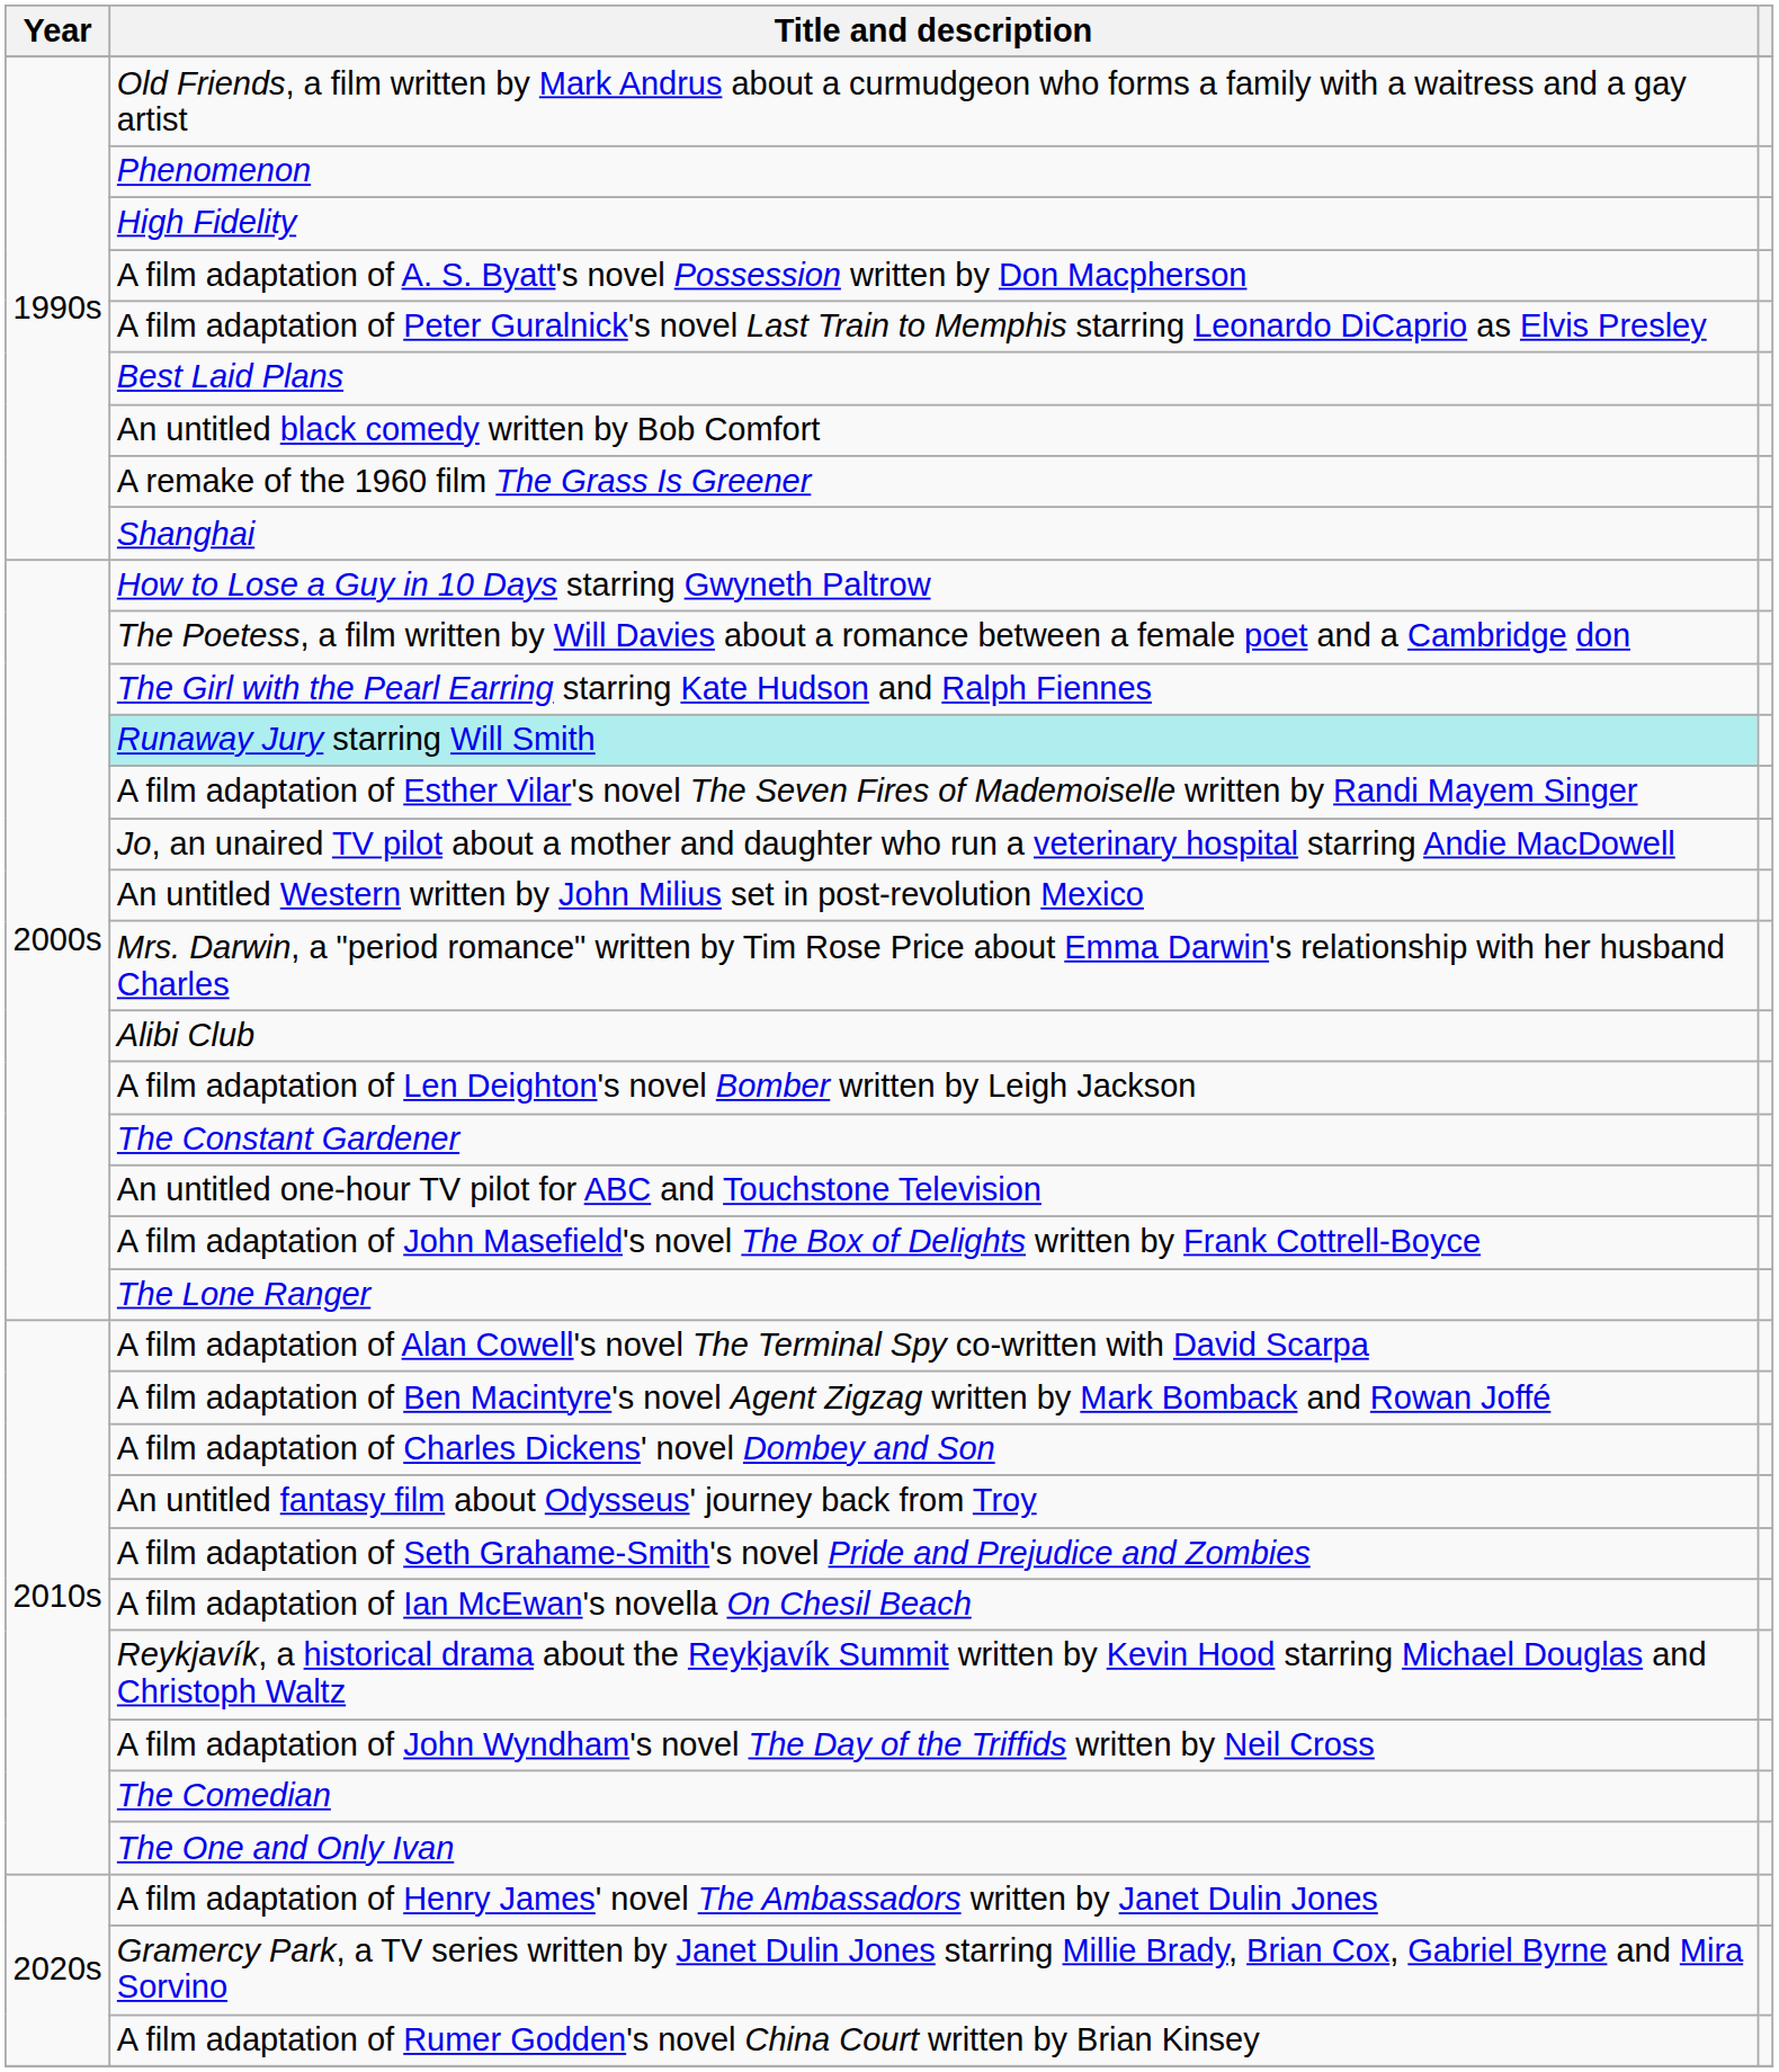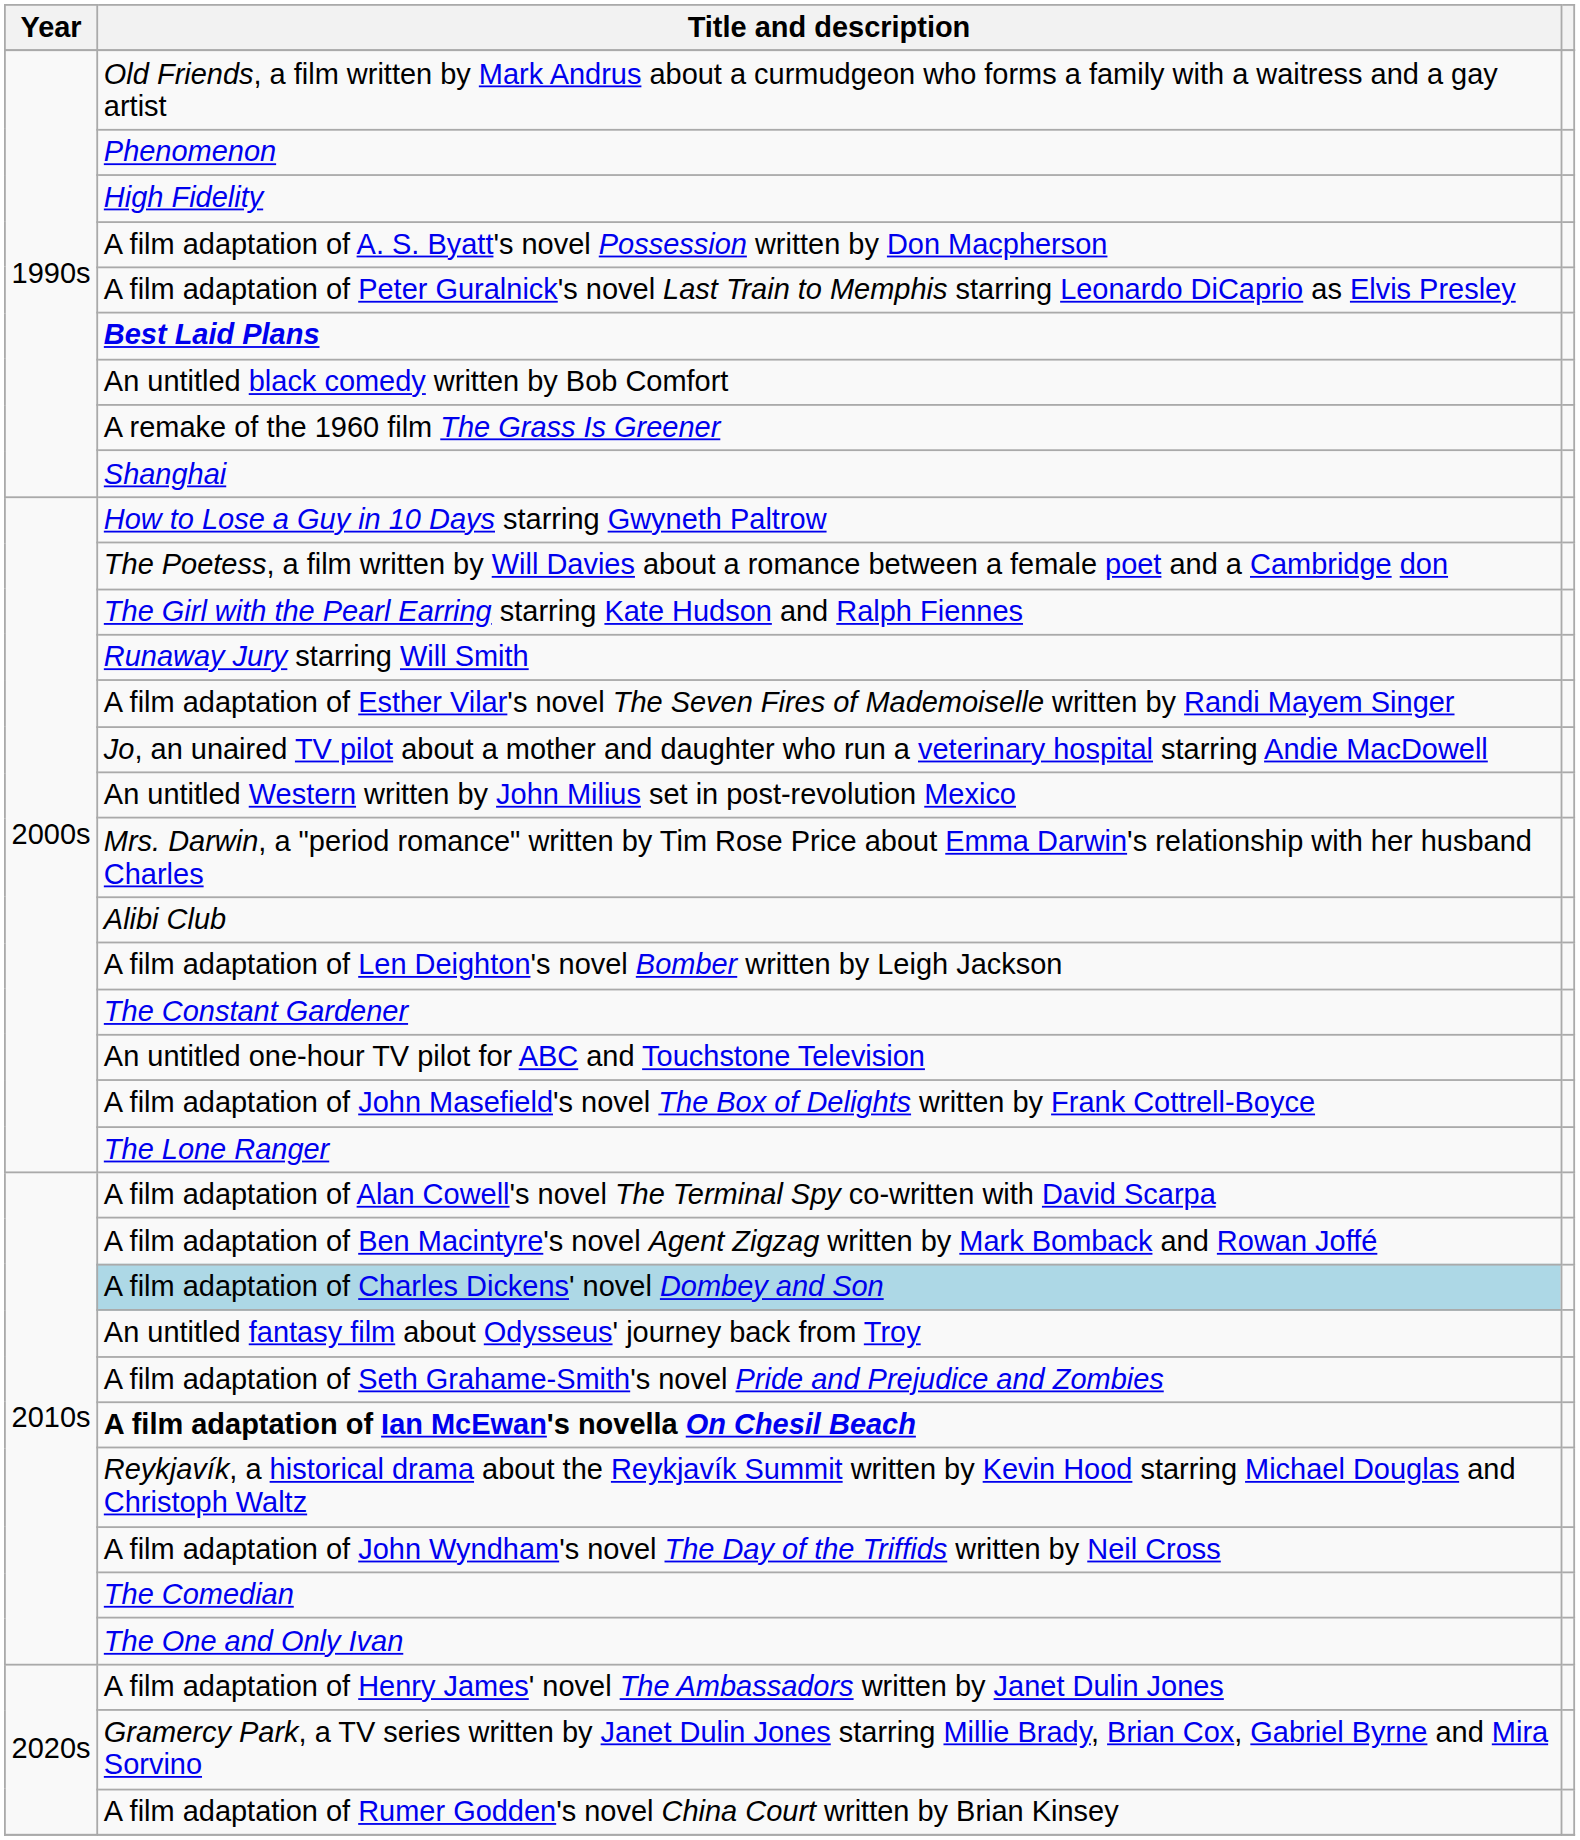 <table class="wikitable plainrowheaders">
 <tr>
 <th scope="col">Year</th>
 <th scope="col">Title and description</th>
 <th scope="col"></th>
 </tr>
 <tr>
 </tr>
 <tr>
 <td rowspan="9">1990s</td>
 <td><em>Old Friends</em>, a film written by <a href='#'>Mark Andrus</a> about a curmudgeon who forms a family with a waitress and a gay artist</td>
 <td></td>
 </tr>
 <tr>
 <td><em><a href='#'>Phenomenon</a></em></td>
 <td></td>
 </tr>
 <tr>
 <td><em><a href='#'>High Fidelity</a></em></td>
 <td></td>
 </tr>
 <tr>
 <td>A film adaptation of <a href='#'>A. S. Byatt</a>'s novel <em><a href='#'>Possession</a></em> written by <a href='#'>Don Macpherson</a></td>
 <td></td>
 </tr>
 <tr>
 <td>A film adaptation of <a href='#'>Peter Guralnick</a>'s novel <em>Last Train to Memphis</em> starring <a href='#'>Leonardo DiCaprio</a> as <a href='#'>Elvis Presley</a></td>
 <td></td>
 </tr>
 <tr>
-<td><em><a href='#'>Best Laid Plans</a></em></td>
+<td><strong><em><a href='#'>Best Laid Plans</a></em></strong></td>
 <td></td>
 </tr>
 <tr>
 <td>An untitled <a href='#'>black comedy</a> written by Bob Comfort</td>
 <td></td>
 </tr>
 <tr>
 <td>A remake of the 1960 film <em><a href='#'>The Grass Is Greener</a></em></td>
 <td></td>
 </tr>
 <tr>
 <td><em><a href='#'>Shanghai</a></em></td>
 <td></td>
 </tr>
 <tr>
 <td rowspan="14">2000s</td>
 <td><em><a href='#'>How to Lose a Guy in 10 Days</a></em> starring <a href='#'>Gwyneth Paltrow</a></td>
 <td></td>
 </tr>
 <tr>
 <td><em>The Poetess</em>, a film written by <a href='#'>Will Davies</a> about a romance between a female <a href='#'>poet</a> and a <a href='#'>Cambridge</a> <a href='#'>don</a></td>
 <td></td>
 </tr>
 <tr>
 <td><em><a href='#'>The Girl with the Pearl Earring</a></em> starring <a href='#'>Kate Hudson</a> and <a href='#'>Ralph Fiennes</a></td>
 <td></td>
 </tr>
 <tr>
-<td style="background: paleturquoise;"><em><a href='#'>Runaway Jury</a></em> starring <a href='#'>Will Smith</a></td>
+<td><em><a href='#'>Runaway Jury</a></em> starring <a href='#'>Will Smith</a></td>
 <td></td>
 </tr>
 <tr>
 <td>A film adaptation of <a href='#'>Esther Vilar</a>'s novel <em>The Seven Fires of Mademoiselle</em> written by <a href='#'>Randi Mayem Singer</a></td>
 <td></td>
 </tr>
 <tr>
 <td><em>Jo</em>, an unaired <a href='#'>TV pilot</a> about a mother and daughter who run a <a href='#'>veterinary hospital</a> starring <a href='#'>Andie MacDowell</a></td>
 <td></td>
 </tr>
 <tr>
 <td>An untitled <a href='#'>Western</a> written by <a href='#'>John Milius</a> set in post-revolution <a href='#'>Mexico</a></td>
 <td></td>
 </tr>
 <tr>
 <td><em>Mrs. Darwin</em>, a "period romance" written by Tim Rose Price about <a href='#'>Emma Darwin</a>'s relationship with her husband <a href='#'>Charles</a></td>
 <td></td>
 </tr>
 <tr>
 <td><em>Alibi Club</em></td>
 <td></td>
 </tr>
 <tr>
 <td>A film adaptation of <a href='#'>Len Deighton</a>'s novel <em><a href='#'>Bomber</a></em> written by Leigh Jackson</td>
 <td></td>
 </tr>
 <tr>
 <td><em><a href='#'>The Constant Gardener</a></em></td>
 <td></td>
 </tr>
 <tr>
 <td>An untitled one-hour TV pilot for <a href='#'>ABC</a> and <a href='#'>Touchstone Television</a></td>
 <td></td>
 </tr>
 <tr>
 <td>A film adaptation of <a href='#'>John Masefield</a>'s novel <em><a href='#'>The Box of Delights</a></em> written by <a href='#'>Frank Cottrell-Boyce</a></td>
 <td></td>
 </tr>
 <tr>
 <td><em><a href='#'>The Lone Ranger</a></em></td>
 <td></td>
 </tr>
 <tr>
 <td rowspan="10">2010s</td>
 <td>A film adaptation of <a href='#'>Alan Cowell</a>'s novel <em>The Terminal Spy</em> co-written with <a href='#'>David Scarpa</a></td>
 <td></td>
 </tr>
 <tr>
 <td>A film adaptation of <a href='#'>Ben Macintyre</a>'s novel <em>Agent Zigzag</em> written by <a href='#'>Mark Bomback</a> and <a href='#'>Rowan Joffé</a></td>
 <td></td>
 </tr>
 <tr>
-<td>A film adaptation of <a href='#'>Charles Dickens</a>' novel <em><a href='#'>Dombey and Son</a></em></td>
+<td style="background: lightblue;">A film adaptation of <a href='#'>Charles Dickens</a>' novel <em><a href='#'>Dombey and Son</a></em></td>
 <td></td>
 </tr>
 <tr>
 <td>An untitled <a href='#'>fantasy film</a> about <a href='#'>Odysseus</a>' journey back from <a href='#'>Troy</a></td>
 <td></td>
 </tr>
 <tr>
 <td>A film adaptation of <a href='#'>Seth Grahame-Smith</a>'s novel <em><a href='#'>Pride and Prejudice and Zombies</a></em></td>
 <td></td>
 </tr>
 <tr>
-<td>A film adaptation of <a href='#'>Ian McEwan</a>'s novella <em><a href='#'>On Chesil Beach</a></em></td>
+<td><strong>A film adaptation of <a href='#'>Ian McEwan</a>'s novella <em><a href='#'>On Chesil Beach</a></em></strong></td>
 <td></td>
 </tr>
 <tr>
 <td><em>Reykjavík</em>, a <a href='#'>historical drama</a> about the <a href='#'>Reykjavík Summit</a> written by <a href='#'>Kevin Hood</a> starring <a href='#'>Michael Douglas</a> and <a href='#'>Christoph Waltz</a></td>
 <td></td>
 </tr>
 <tr>
 <td>A film adaptation of <a href='#'>John Wyndham</a>'s novel <em><a href='#'>The Day of the Triffids</a></em> written by <a href='#'>Neil Cross</a></td>
 <td></td>
 </tr>
 <tr>
 <td><em><a href='#'>The Comedian</a></em></td>
 <td></td>
 </tr>
 <tr>
 <td><em><a href='#'>The One and Only Ivan</a></em></td>
 <td></td>
 </tr>
 <tr>
 <td rowspan="3">2020s</td>
 <td>A film adaptation of <a href='#'>Henry James</a>' novel <em><a href='#'>The Ambassadors</a></em> written by <a href='#'>Janet Dulin Jones</a></td>
 <td></td>
 </tr>
 <tr>
 <td><em>Gramercy Park</em>, a TV series written by <a href='#'>Janet Dulin Jones</a> starring <a href='#'>Millie Brady</a>, <a href='#'>Brian Cox</a>, <a href='#'>Gabriel Byrne</a> and <a href='#'>Mira Sorvino</a></td>
 <td></td>
 </tr>
 <tr>
 <td>A film adaptation of <a href='#'>Rumer Godden</a>'s novel <em>China Court</em> written by Brian Kinsey</td>
 <td></td>
 </tr>
 <tr>
 </tr>
 </table>
